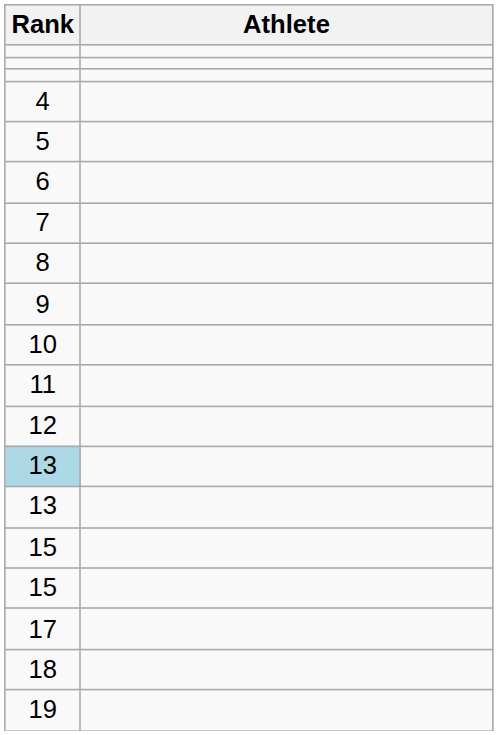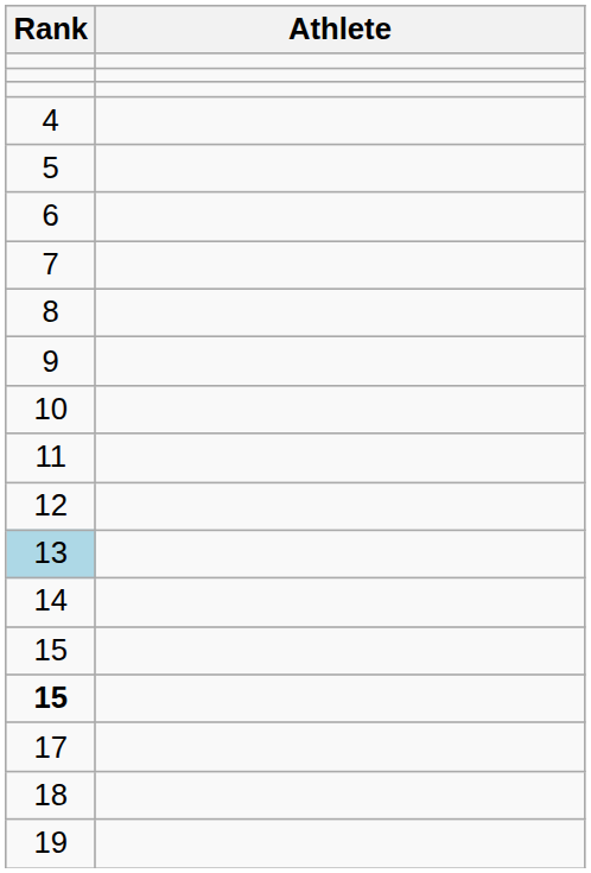 <table class="wikitable" style="text-align: center;">
 <tr>
 <th width=40>Rank</th>
 <th width=250>Athlete</th>
 </tr>
 <tr>
 <td></td>
 <td align=left></td>
 </tr>
 <tr>
 <td></td>
 <td align=left></td>
 </tr>
 <tr>
 <td></td>
 <td align=left></td>
 </tr>
 <tr>
 <td>4</td>
 <td align=left></td>
 </tr>
 <tr>
 <td>5</td>
 <td align=left></td>
 </tr>
 <tr>
 <td>6</td>
 <td align=left></td>
 </tr>
 <tr>
 <td>7</td>
 <td align=left></td>
 </tr>
 <tr>
 <td>8</td>
 <td align=left></td>
 </tr>
 <tr>
 <td>9</td>
 <td align=left></td>
 </tr>
 <tr>
 <td>10</td>
 <td align=left></td>
 </tr>
 <tr>
 <td>11</td>
 <td align=left></td>
 </tr>
 <tr>
 <td>12</td>
 <td align=left></td>
 </tr>
 <tr>
 <td style="background: lightblue;">13</td>
 <td align=left></td>
 </tr>
 <tr>
-<td>13</td>
+<td>14</td>
 <td align=left></td>
 </tr>
 <tr>
 <td>15</td>
 <td align=left></td>
 </tr>
 <tr>
-<td>15</td>
+<td><strong>15</strong></td>
 <td align=left></td>
 </tr>
 <tr>
 <td>17</td>
 <td align=left></td>
 </tr>
 <tr>
 <td>18</td>
 <td align=left></td>
 </tr>
 <tr>
 <td>19</td>
 <td align=left></td>
 </tr>
 </table>
